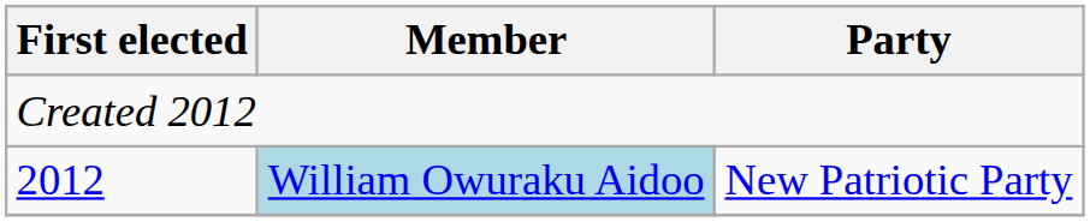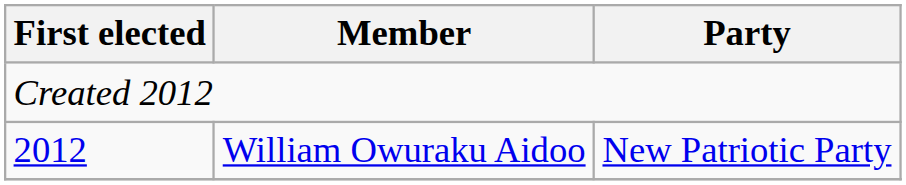 <table class="wikitable">
 <tr>
 <th>First elected</th>
 <th>Member</th>
 <th>Party</th>
 </tr>
 <tr>
 <td colspan=3><em>Created 2012</em></td>
 </tr>
 <tr>
 <td><a href='#'>2012</a></td>
-<td style="background: lightblue;"><a href='#'>William Owuraku Aidoo</a></td>
+<td><a href='#'>William Owuraku Aidoo</a></td>
 <td><a href='#'>New Patriotic Party</a></td>
 </tr>
 <tr>
 </tr>
 </table>
